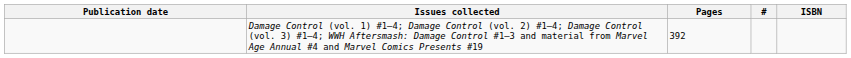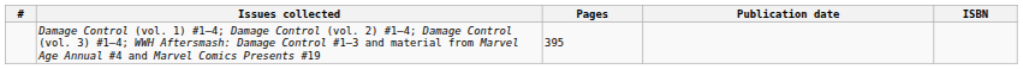 <table class="wikitable sortable" width=98%>
 <tr>
-<th>Publication date</th>
+<th class="unsortable">#</th>
 <th class="unsortable" width="50%">Issues collected</th>
 <th>Pages</th>
-<th class="unsortable">#</th>
+<th>Publication date</th>
 <th class="unsortable">ISBN</th>
 </tr>
 <tr>
 <td></td>
 <td><em>Damage Control</em> (vol. 1) #1–4; <em>Damage Control</em> (vol. 2) #1–4; <em>Damage Control</em> (vol. 3) #1–4; <em>WWH Aftersmash: Damage Control</em> #1–3 and material from <em>Marvel Age Annual</em> #4 and <em>Marvel Comics Presents</em> #19</td>
-<td>392</td>
+<td>395</td>
 <td></td>
 <td></td>
 </tr>
 </table>
